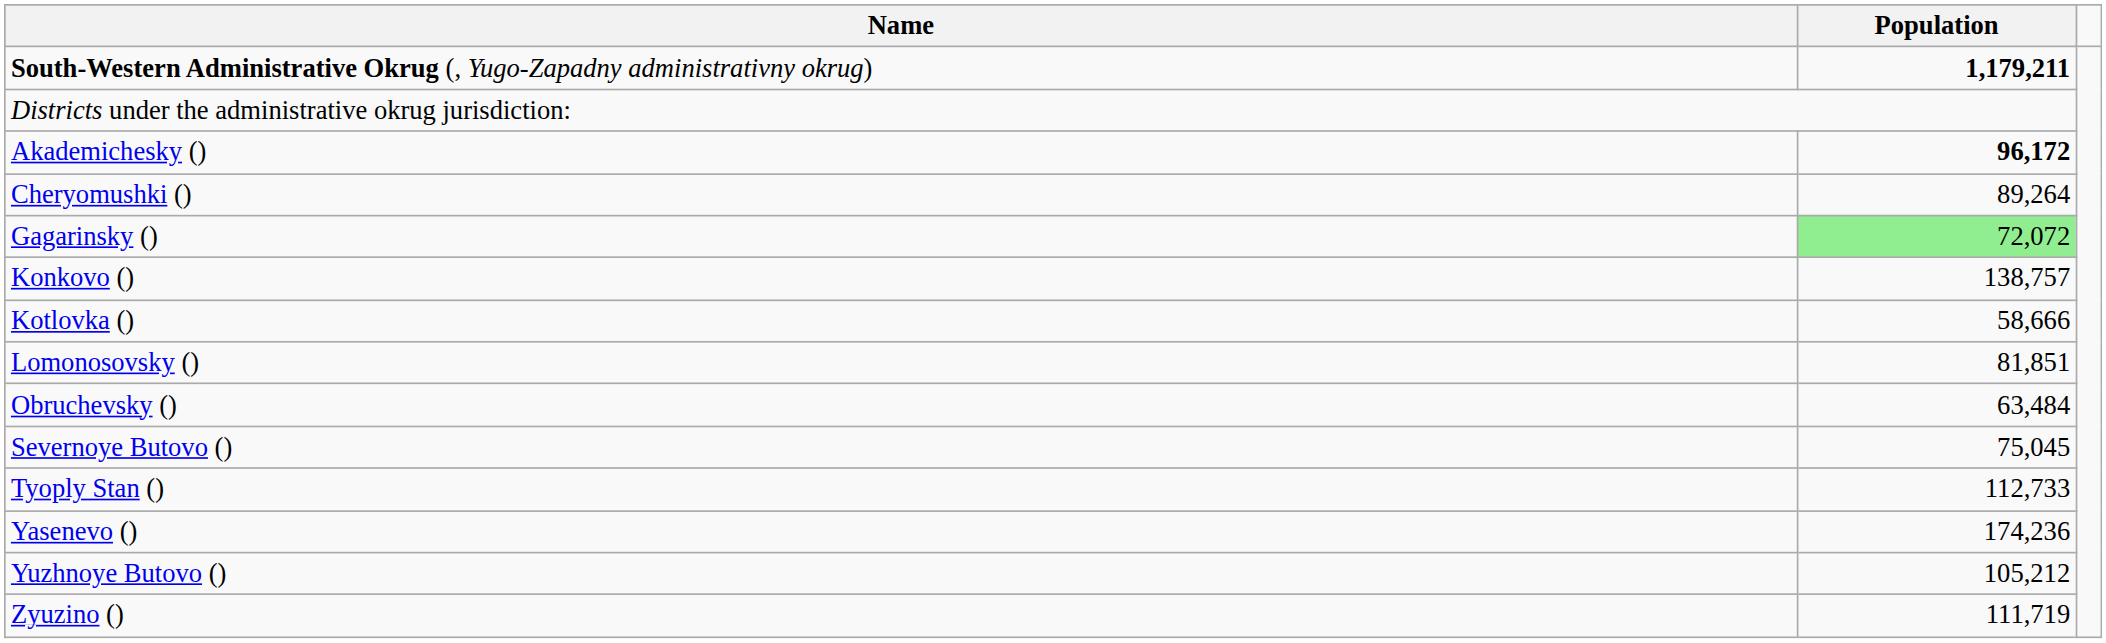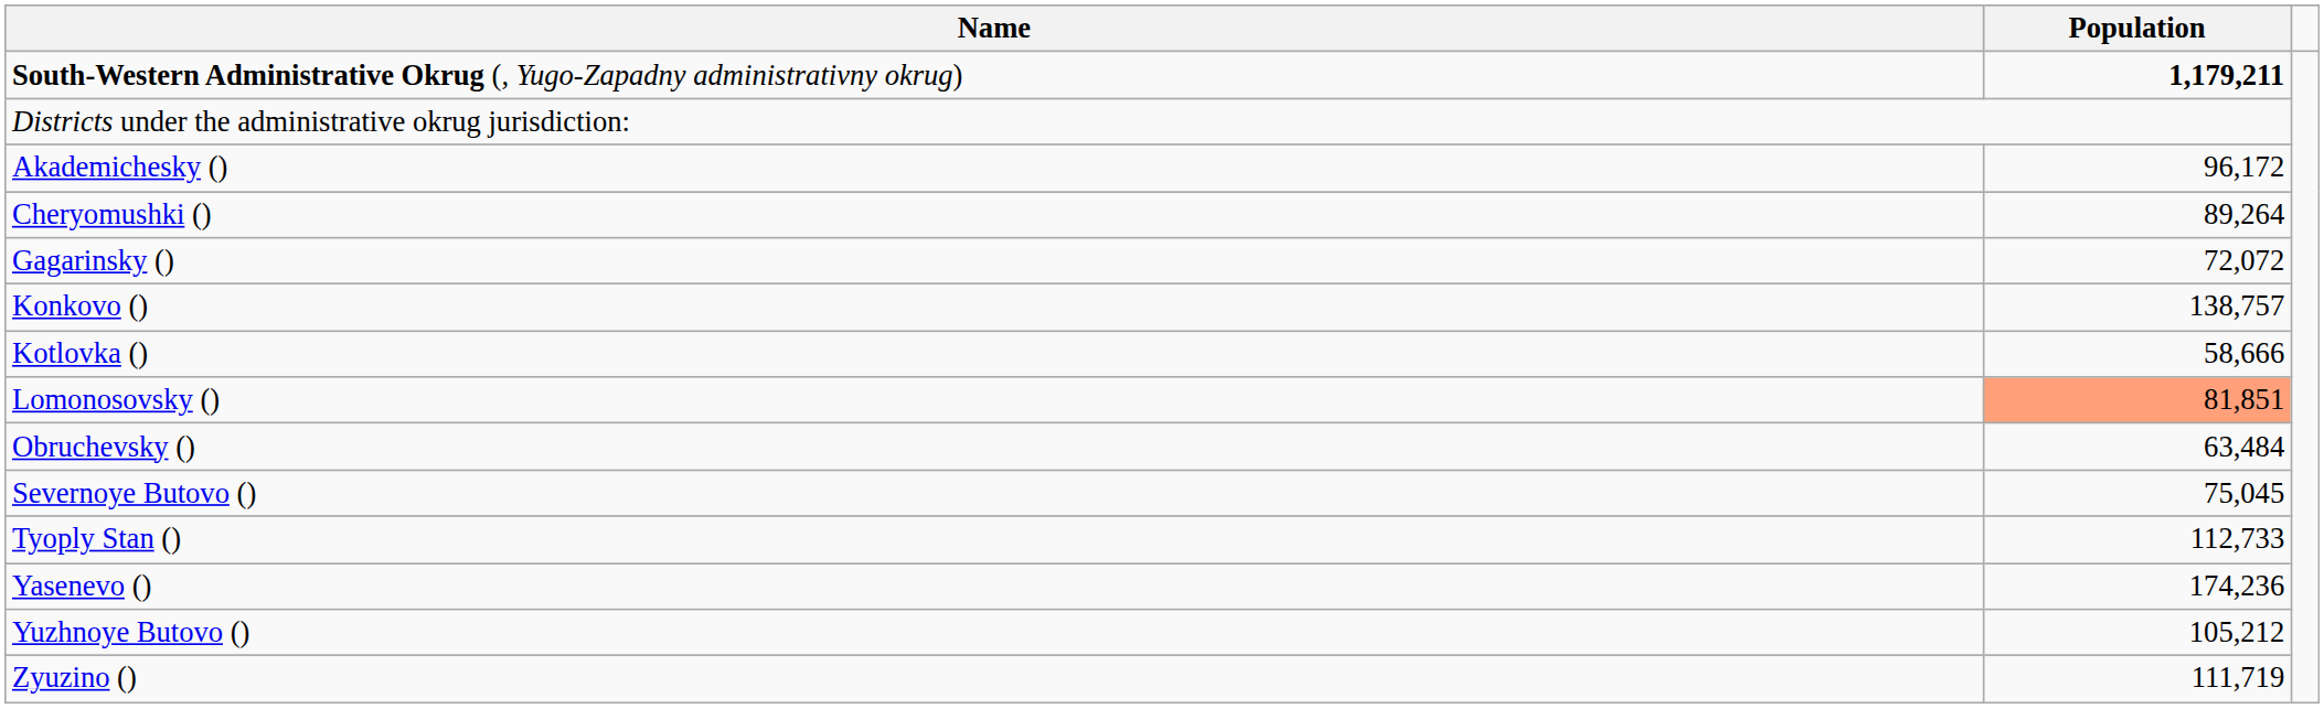 <table width=100% class="wikitable">
 <tr bgcolor="#CCCCFF" align="left">
 <th>Name</th>
 <th>Population</th>
 </tr>
 <tr>
 <td><strong>South-Western Administrative Okrug</strong> (, <em>Yugo-Zapadny administrativny okrug</em>)</td>
 <td align="right"><strong>1,179,211</strong></td>
 <td rowspan=14></td>
 </tr>
 <tr valign="top">
 <td colspan=2><em>Districts</em> under the administrative okrug jurisdiction:</td>
 </tr>
 <tr>
 <td><a href='#'>Akademichesky</a> ()</td>
-<td align="right"><strong>96,172</strong></td>
+<td align="right">96,172</td>
 </tr>
 <tr>
 <td><a href='#'>Cheryomushki</a> ()</td>
 <td align="right">89,264</td>
 </tr>
 <tr>
 <td><a href='#'>Gagarinsky</a> ()</td>
-<td align="right" style="background: lightgreen;">72,072</td>
+<td align="right">72,072</td>
 </tr>
 <tr>
 <td><a href='#'>Konkovo</a> ()</td>
 <td align="right">138,757</td>
 </tr>
 <tr>
 <td><a href='#'>Kotlovka</a> ()</td>
 <td align="right">58,666</td>
 </tr>
 <tr>
 <td><a href='#'>Lomonosovsky</a> ()</td>
-<td align="right">81,851</td>
+<td align="right" style="background: lightsalmon;">81,851</td>
 </tr>
 <tr>
 <td><a href='#'>Obruchevsky</a> ()</td>
 <td align="right">63,484</td>
 </tr>
 <tr>
 <td><a href='#'>Severnoye Butovo</a> ()</td>
 <td align="right">75,045</td>
 </tr>
 <tr>
 <td><a href='#'>Tyoply Stan</a> ()</td>
 <td align="right">112,733</td>
 </tr>
 <tr>
 <td><a href='#'>Yasenevo</a> ()</td>
 <td align="right">174,236</td>
 </tr>
 <tr>
 <td><a href='#'>Yuzhnoye Butovo</a> ()</td>
 <td align="right">105,212</td>
 </tr>
 <tr>
 <td><a href='#'>Zyuzino</a> ()</td>
 <td align="right">111,719</td>
 </tr>
 </table>
